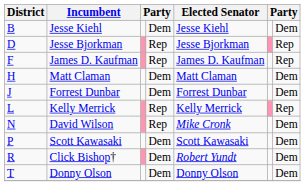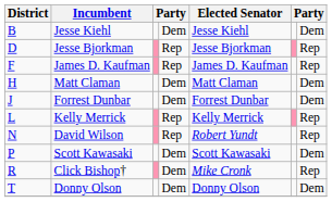 <table class="sortable wikitable" style="font-size:95%;line-height:14px;">
 <tr>
 <th class="unsortable">District</th>
 <th class="unsortable"><a href='#'>Incumbent</a></th>
 <th colspan="2">Party</th>
 <th class="unsortable">Elected Senator</th>
 <th colspan="2">Party</th>
 </tr>
 <tr>
 <td><a href='#'>B</a></td>
 <td><a href='#'>Jesse Kiehl</a></td>
 <td style="background:"></td>
 <td>Dem</td>
 <td><a href='#'>Jesse Kiehl</a></td>
 <td style="background:"></td>
 <td>Dem</td>
 </tr>
 <tr>
 <td><a href='#'>D</a></td>
 <td><a href='#'>Jesse Bjorkman</a></td>
 <td style="background:#ff95b3ff;"></td>
 <td>Rep</td>
 <td><a href='#'>Jesse Bjorkman</a></td>
 <td style="background:#ff95b3ff;"></td>
 <td>Rep</td>
 </tr>
 <tr>
 <td><a href='#'>F</a></td>
 <td><a href='#'>James D. Kaufman</a></td>
 <td style="background:#ff95b3ff;"></td>
 <td>Rep</td>
 <td><a href='#'>James D. Kaufman</a></td>
 <td style="background:"></td>
 <td>Rep</td>
 </tr>
 <tr>
 <td><a href='#'>H</a></td>
 <td><a href='#'>Matt Claman</a></td>
 <td style="background:"></td>
 <td>Dem</td>
 <td><a href='#'>Matt Claman</a></td>
 <td style="background:"></td>
 <td>Dem</td>
 </tr>
 <tr>
 <td><a href='#'>J</a></td>
 <td><a href='#'>Forrest Dunbar</a></td>
 <td style="background:"></td>
 <td>Dem</td>
 <td><a href='#'>Forrest Dunbar</a></td>
 <td style="background:"></td>
 <td>Dem</td>
 </tr>
 <tr>
 <td><a href='#'>L</a></td>
 <td><a href='#'>Kelly Merrick</a></td>
 <td style="background:#ff95b3ff;"></td>
 <td>Rep</td>
 <td><a href='#'>Kelly Merrick</a></td>
 <td style="background:#ff95b3ff;"></td>
 <td>Rep</td>
 </tr>
 <tr>
 <td><a href='#'>N</a></td>
 <td><a href='#'>David Wilson</a></td>
 <td style="background:#ff95b3ff;"></td>
 <td>Rep</td>
-<td><em><a href='#'>Mike Cronk</a></em></td>
+<td><em><a href='#'>Robert Yundt</a></em></td>
 <td style="background:"></td>
-<td>Dem</td>
+<td>Rep</td>
 </tr>
 <tr>
 <td><a href='#'>P</a></td>
 <td><a href='#'>Scott Kawasaki</a></td>
 <td style="background:"></td>
 <td>Dem</td>
 <td><a href='#'>Scott Kawasaki</a></td>
 <td style="background:"></td>
 <td>Dem</td>
 </tr>
 <tr>
 <td><a href='#'>R</a></td>
 <td><a href='#'>Click Bishop</a>†</td>
 <td style="background:#ff95b3ff;"></td>
 <td>Dem</td>
-<td><em><a href='#'>Robert Yundt</a></em></td>
+<td><em><a href='#'>Mike Cronk</a></em></td>
 <td style="background:"></td>
-<td>Dem</td>
+<td>Rep</td>
 </tr>
 <tr>
 <td><a href='#'>T</a></td>
 <td><a href='#'>Donny Olson</a></td>
 <td style="background:"></td>
 <td>Dem</td>
 <td><a href='#'>Donny Olson</a></td>
 <td style="background:"></td>
 <td>Dem</td>
 </tr>
 <tr>
 </tr>
 </table>
